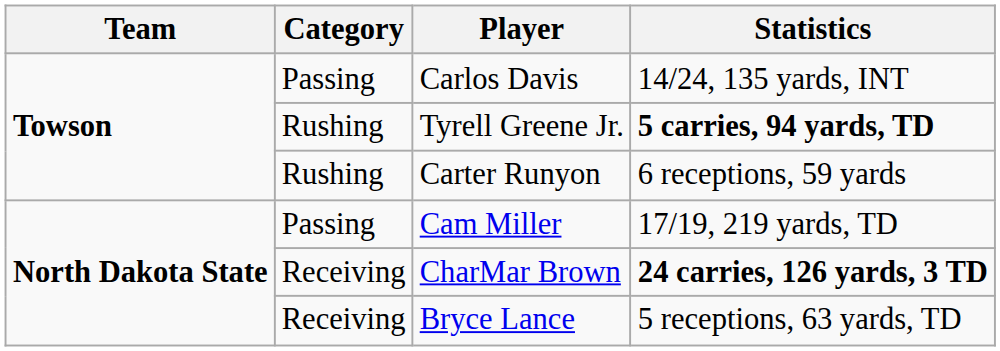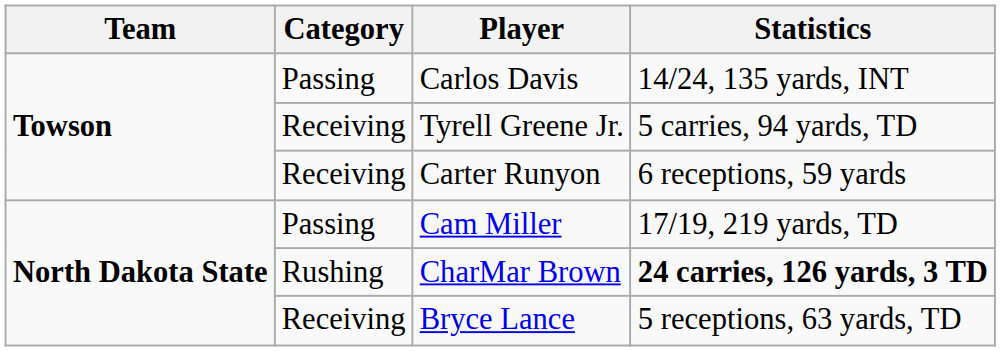 <table class="wikitable" style="float: right;">
 <tr>
 <th>Team</th>
 <th>Category</th>
 <th>Player</th>
 <th>Statistics</th>
 </tr>
 <tr>
 <td rowspan=3><strong>Towson</strong></td>
 <td>Passing</td>
 <td>Carlos Davis</td>
 <td>14/24, 135 yards, INT</td>
 </tr>
 <tr>
-<td>Rushing</td>
+<td>Receiving</td>
 <td>Tyrell Greene Jr.</td>
-<td><strong>5 carries, 94 yards, TD</strong></td>
+<td>5 carries, 94 yards, TD</td>
 </tr>
 <tr>
-<td>Rushing</td>
+<td>Receiving</td>
 <td>Carter Runyon</td>
 <td>6 receptions, 59 yards</td>
 </tr>
 <tr>
 <td rowspan=3><strong>North Dakota State</strong></td>
 <td>Passing</td>
 <td><a href='#'>Cam Miller</a></td>
 <td>17/19, 219 yards, TD</td>
 </tr>
 <tr>
-<td>Receiving</td>
+<td>Rushing</td>
 <td><a href='#'>CharMar Brown</a></td>
 <td><strong>24 carries, 126 yards, 3 TD</strong></td>
 </tr>
 <tr>
 <td>Receiving</td>
 <td><a href='#'>Bryce Lance</a></td>
 <td>5 receptions, 63 yards, TD</td>
 </tr>
 </table>
